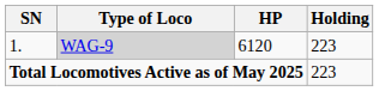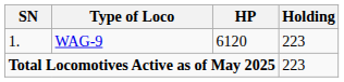 <table class="wikitable">
 <tr>
 <th>SN</th>
 <th>Type of Loco</th>
 <th>HP</th>
 <th>Holding</th>
 </tr>
 <tr>
 <td>1.</td>
-<td style="background: lightgrey;"><a href='#'>WAG-9</a></td>
+<td><a href='#'>WAG-9</a></td>
 <td>6120</td>
 <td>223</td>
 </tr>
 <tr>
 <td colspan="3"><strong>Total Locomotives Active as of May 2025</strong></td>
 <td>223</td>
 </tr>
 </table>
